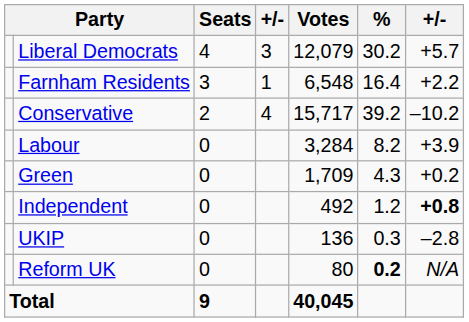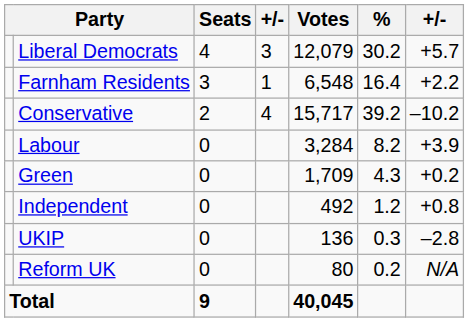 <table class="wikitable sortable">
 <tr>
 <th colspan="2">Party</th>
 <th>Seats</th>
 <th>+/-</th>
 <th>Votes</th>
 <th>%</th>
 <th>+/-</th>
 </tr>
 <tr>
 <td style="background-color: "></td>
 <td><a href='#'>Liberal Democrats</a></td>
 <td>4</td>
 <td> 3</td>
 <td style="text-align:right;">12,079</td>
 <td style="text-align:right;">30.2</td>
 <td style="text-align:right;">+5.7</td>
 </tr>
 <tr>
 <td style="background-color: "></td>
 <td><a href='#'>Farnham Residents</a></td>
 <td>3</td>
 <td> 1</td>
 <td style="text-align:right;">6,548</td>
 <td style="text-align:right;">16.4</td>
 <td style="text-align:right;">+2.2</td>
 </tr>
 <tr>
 <td style="background-color: "></td>
 <td><a href='#'>Conservative</a></td>
 <td>2</td>
 <td> 4</td>
 <td style="text-align:right;">15,717</td>
 <td style="text-align:right;">39.2</td>
 <td style="text-align:right;">–10.2</td>
 </tr>
 <tr>
 <td style="background-color: "></td>
 <td><a href='#'>Labour</a></td>
 <td>0</td>
 <td></td>
 <td style="text-align:right;">3,284</td>
 <td style="text-align:right;">8.2</td>
 <td style="text-align:right;">+3.9</td>
 </tr>
 <tr>
 <td style="background-color: "></td>
 <td><a href='#'>Green</a></td>
 <td>0</td>
 <td></td>
 <td style="text-align:right;">1,709</td>
 <td style="text-align:right;">4.3</td>
 <td style="text-align:right;">+0.2</td>
 </tr>
 <tr>
 <td style="background-color: "></td>
 <td><a href='#'>Independent</a></td>
 <td>0</td>
 <td></td>
 <td style="text-align:right;">492</td>
 <td style="text-align:right;">1.2</td>
-<td style="text-align:right;"><strong>+0.8</strong></td>
+<td style="text-align:right;">+0.8</td>
 </tr>
 <tr>
 <td style="background-color: "></td>
 <td><a href='#'>UKIP</a></td>
 <td>0</td>
 <td></td>
 <td style="text-align:right;">136</td>
 <td style="text-align:right;">0.3</td>
 <td style="text-align:right;">–2.8</td>
 </tr>
 <tr>
 <td style="background-color: "></td>
 <td><a href='#'>Reform UK</a></td>
 <td>0</td>
 <td></td>
 <td style="text-align:right;">80</td>
-<td style="text-align:right;"><strong>0.2</strong></td>
+<td style="text-align:right;">0.2</td>
 <td style="text-align:right;"><em>N/A</em></td>
 </tr>
 <tr>
 <td colspan="2"><strong>Total</strong></td>
 <td><strong>9</strong></td>
 <td></td>
 <td style="text-align:right;"><strong>40,045</strong></td>
 <td style="text-align:right;"></td>
 <td style="text-align:right;"></td>
 </tr>
 </table>
